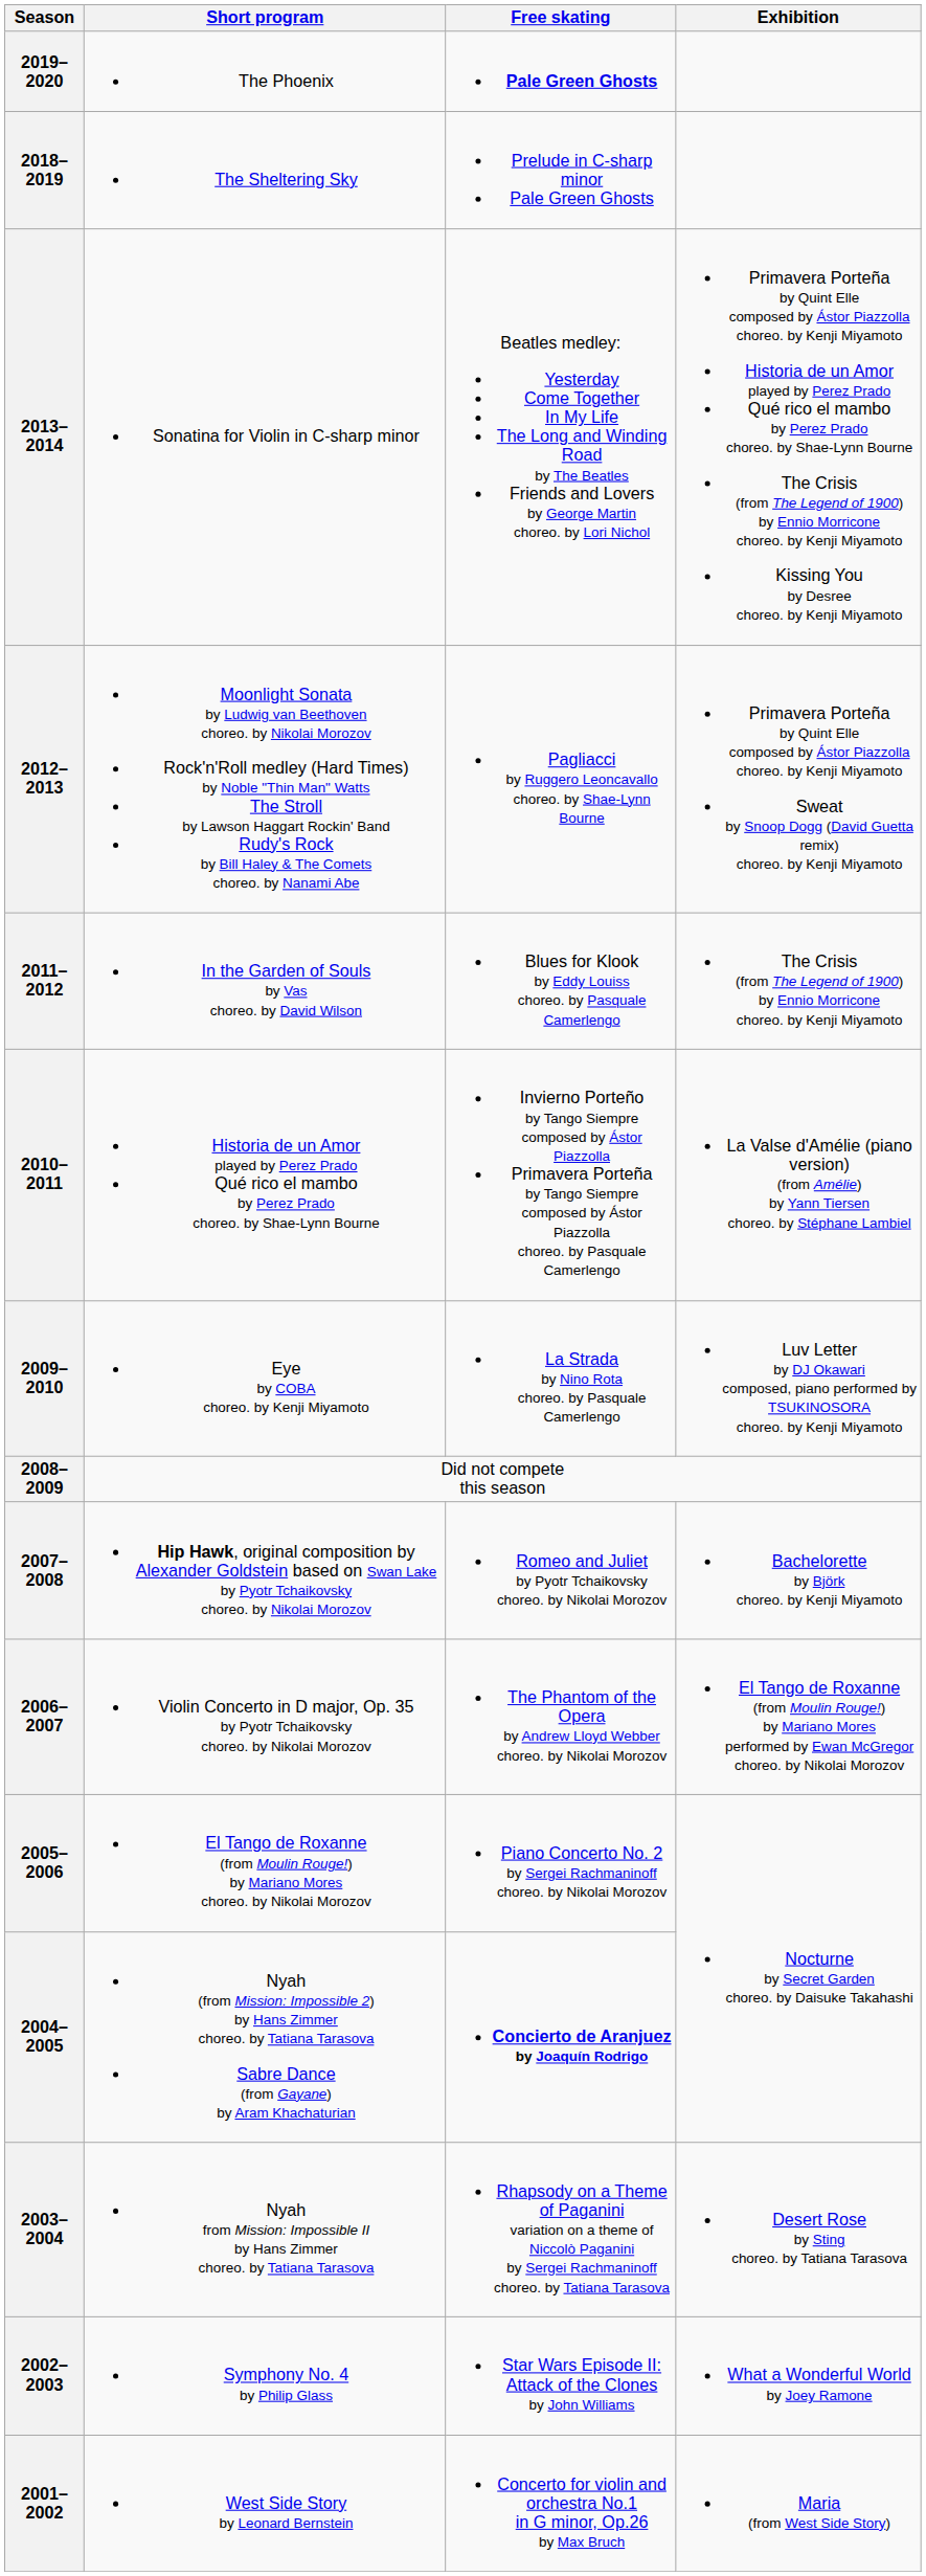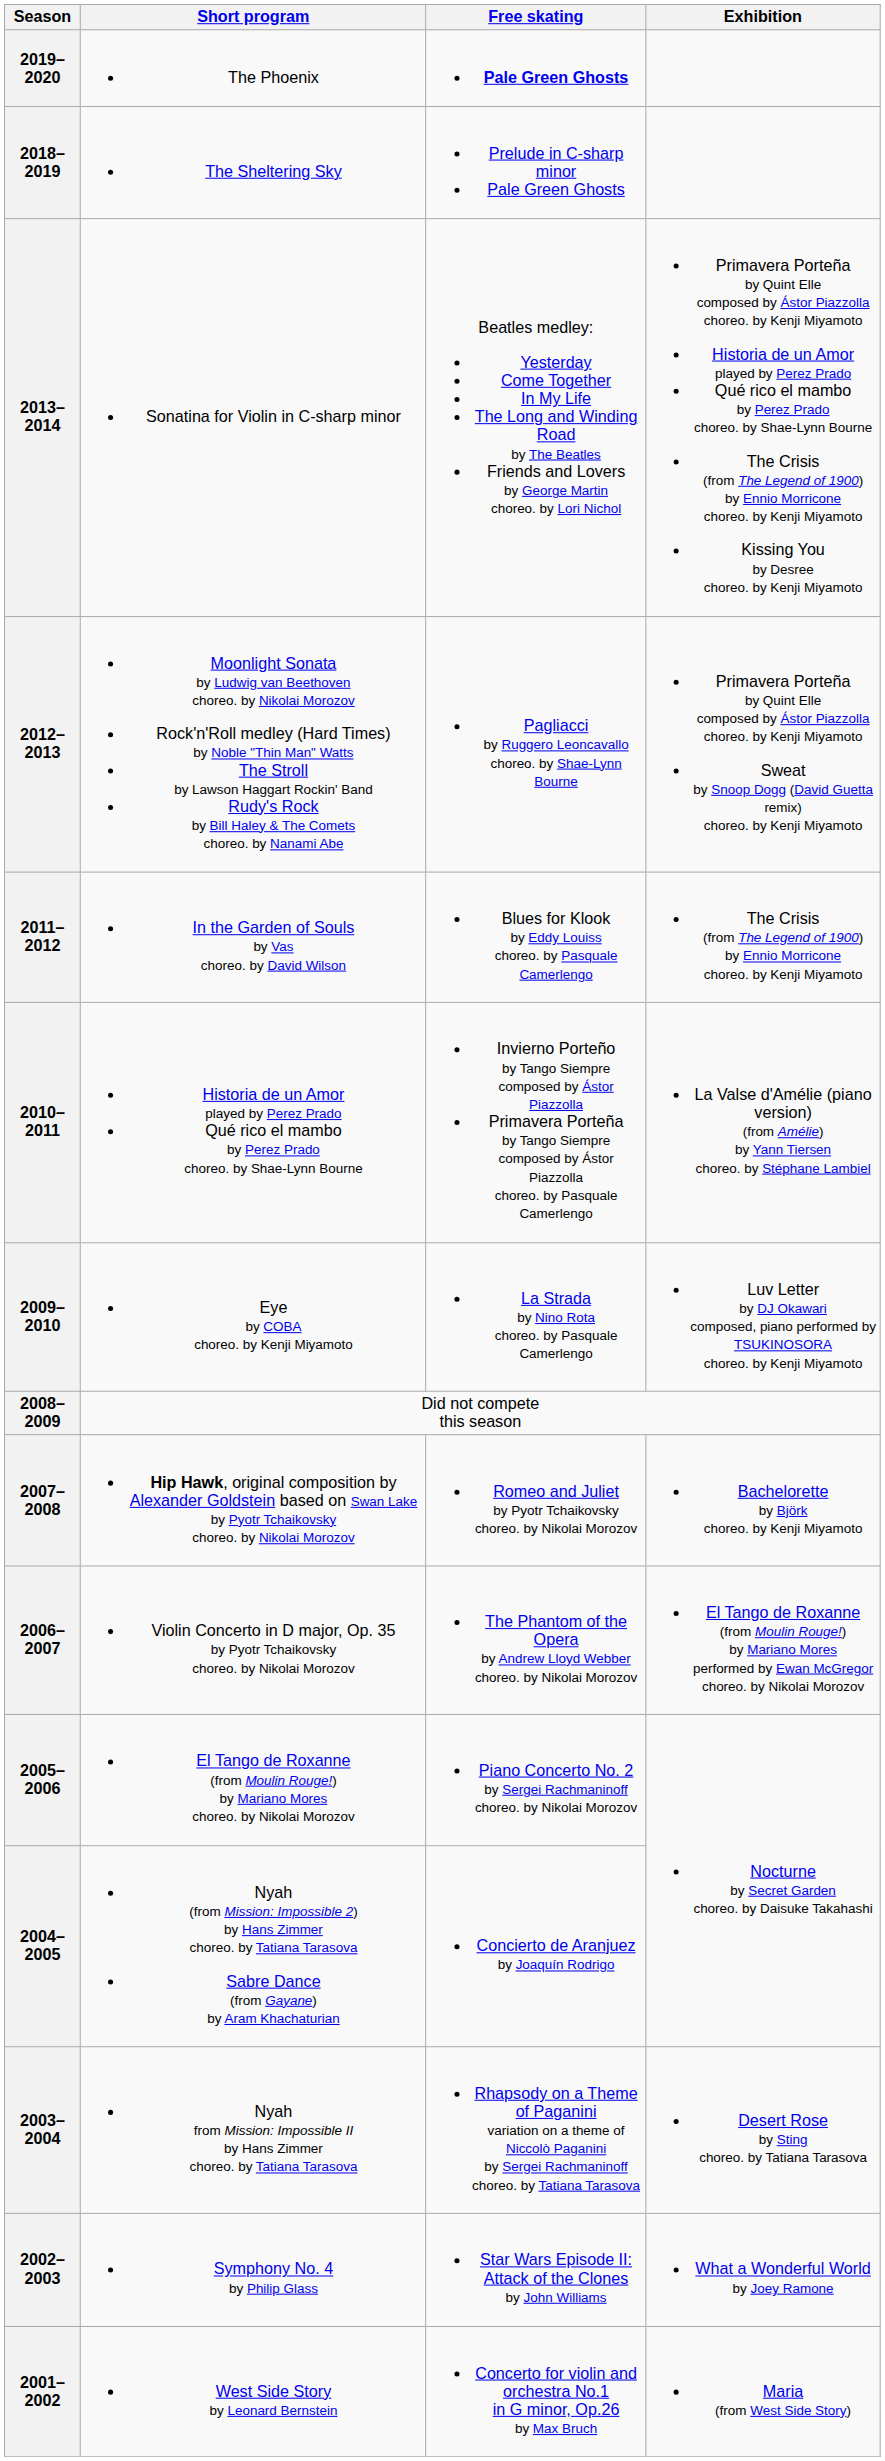 <table class="wikitable" style="text-align:center">
 <tr>
 <th>Season</th>
 <th><a href='#'>Short program</a></th>
 <th><a href='#'>Free skating</a></th>
 <th>Exhibition</th>
 </tr>
 <tr>
 <th>2019–2020<br></th>
 <td><br><ul><li>The Phoenix<br> </li></ul></td>
 <td><strong><br><ul><li><a href='#'>Pale Green Ghosts</a> <br> </li></ul></strong></td>
 <td></td>
 </tr>
 <tr>
 <th>2018–2019 <br> </th>
 <td><br><ul><li><a href='#'>The Sheltering Sky</a> <br> </li></ul></td>
 <td><br><ul><li><a href='#'>Prelude in C-sharp minor</a> <br> </li><li><a href='#'>Pale Green Ghosts</a> <br> </li></ul></td>
 <td></td>
 </tr>
 <tr>
 <th>2013–2014 <br> </th>
 <td><br><ul><li>Sonatina for Violin in C-sharp minor <br> <br> </li></ul></td>
 <td><br>Beatles medley:<ul><li><a href='#'>Yesterday</a></li><li><a href='#'>Come Together</a></li><li><a href='#'>In My Life</a></li><li><a href='#'>The Long and Winding Road</a> <br><small> by <a href='#'>The Beatles</a> </small></li><li>Friends and Lovers <br><small> by <a href='#'>George Martin</a> <br> choreo. by <a href='#'>Lori Nichol</a> </small></li></ul></td>
 <td><br><ul><li>Primavera Porteña <br><small> by Quint Elle <br> composed by <a href='#'>Ástor Piazzolla</a> <br> choreo. by Kenji Miyamoto </small></li></ul><ul><li><a href='#'>Historia de un Amor</a> <br><small> played by <a href='#'>Perez Prado</a> </small></li><li>Qué rico el mambo <br><small> by <a href='#'>Perez Prado</a> <br> choreo. by Shae-Lynn Bourne </small></li></ul><ul><li>The Crisis <br><small> (from <em><a href='#'>The Legend of 1900</a></em>) <br> by <a href='#'>Ennio Morricone</a> <br> choreo. by Kenji Miyamoto </small></li></ul><ul><li>Kissing You <br><small> by Desree <br> choreo. by Kenji Miyamoto </small></li></ul></td>
 </tr>
 <tr>
 <th>2012–2013 <br> </th>
 <td><br><ul><li><a href='#'>Moonlight Sonata</a> <br><small> by <a href='#'>Ludwig van Beethoven</a> <br> choreo. by <a href='#'>Nikolai Morozov</a></small></li></ul><ul><li>Rock'n'Roll medley (Hard Times) <br><small> by <a href='#'>Noble "Thin Man" Watts</a> </small></li><li><a href='#'>The Stroll</a> <br><small> by Lawson Haggart Rockin' Band </small></li><li><a href='#'>Rudy's Rock</a> <br><small> by <a href='#'>Bill Haley & The Comets</a> <br> choreo. by <a href='#'>Nanami Abe</a> </small></li></ul></td>
 <td><br><ul><li><a href='#'>Pagliacci</a> <br><small> by <a href='#'>Ruggero Leoncavallo</a> <br> choreo. by <a href='#'>Shae-Lynn Bourne</a> </small></li></ul></td>
 <td><br><ul><li>Primavera Porteña <br><small> by Quint Elle <br> composed by <a href='#'>Ástor Piazzolla</a> <br> choreo. by Kenji Miyamoto </small></li></ul><ul><li>Sweat <br><small> by <a href='#'>Snoop Dogg</a> (<a href='#'>David Guetta</a> remix) <br> choreo. by Kenji Miyamoto </small></li></ul></td>
 </tr>
 <tr>
 <th>2011–2012 <br> </th>
 <td><br><ul><li><a href='#'>In the Garden of Souls</a> <br><small> by <a href='#'>Vas</a> <br> choreo. by <a href='#'>David Wilson</a> </small></li></ul></td>
 <td><br><ul><li>Blues for Klook <br><small> by <a href='#'>Eddy Louiss</a> <br> choreo. by <a href='#'>Pasquale Camerlengo</a> </small></li></ul></td>
 <td><br><ul><li>The Crisis <br><small> (from <em><a href='#'>The Legend of 1900</a></em>) <br> by <a href='#'>Ennio Morricone</a> <br> choreo. by Kenji Miyamoto </small></li></ul></td>
 </tr>
 <tr>
 <th>2010–2011 <br> </th>
 <td><br><ul><li><a href='#'>Historia de un Amor</a> <br><small> played by <a href='#'>Perez Prado</a> </small></li><li>Qué rico el mambo <br><small> by <a href='#'>Perez Prado</a> <br> choreo. by Shae-Lynn Bourne </small></li></ul></td>
 <td><br><ul><li>Invierno Porteño <br><small> by Tango Siempre <br> composed by <a href='#'>Ástor Piazzolla</a> </small></li><li>Primavera Porteña <br><small> by Tango Siempre <br> composed by Ástor Piazzolla <br> choreo. by Pasquale Camerlengo </small></li></ul></td>
 <td><br><ul><li>La Valse d'Amélie (piano version) <br><small> (from <em><a href='#'>Amélie</a></em>) <br> by <a href='#'>Yann Tiersen</a> <br> choreo. by <a href='#'>Stéphane Lambiel</a> </small></li></ul></td>
 </tr>
 <tr>
 <th>2009–2010 <br> </th>
 <td><br><ul><li>Eye <br><small> by <a href='#'>COBA</a> <br> choreo. by Kenji Miyamoto </small></li></ul></td>
 <td><br><ul><li><a href='#'>La Strada</a><br><small> by <a href='#'>Nino Rota</a> <br> choreo. by Pasquale Camerlengo </small></li></ul></td>
 <td><br><ul><li>Luv Letter <br><small>by <a href='#'>DJ Okawari</a> <br> composed, piano performed by <a href='#'>TSUKINOSORA</a> <br> choreo. by Kenji Miyamoto </small></li></ul></td>
 </tr>
 <tr>
 <th>2008–2009</th>
 <td colspan=3>Did not compete <br> this season</td>
 </tr>
 <tr>
 <th>2007–2008 <br> </th>
 <td><br><ul><li><strong>Hip Hawk</strong>, original composition by <a href='#'>Alexander Goldstein</a> based on <small><a href='#'>Swan Lake</a> <br> by <a href='#'>Pyotr Tchaikovsky</a> <br> choreo. by <a href='#'>Nikolai Morozov</a> </small></li></ul></td>
 <td><br><ul><li><a href='#'>Romeo and Juliet</a> <br><small> by Pyotr Tchaikovsky <br> choreo. by Nikolai Morozov </small></li></ul></td>
 <td><br><ul><li><a href='#'>Bachelorette</a> <br><small>by <a href='#'>Björk</a> <br> choreo. by Kenji Miyamoto </small></li></ul></td>
 </tr>
 <tr>
 <th>2006–2007 <br> </th>
 <td><br><ul><li>Violin Concerto in D major, Op. 35 <br><small> by Pyotr Tchaikovsky <br> choreo. by Nikolai Morozov </small></li></ul></td>
 <td><br><ul><li><a href='#'>The Phantom of the Opera</a> <br><small> by <a href='#'>Andrew Lloyd Webber</a> <br> choreo. by Nikolai Morozov  </small></li></ul></td>
 <td><br><ul><li><a href='#'>El Tango de Roxanne</a> <br><small> (from <em><a href='#'>Moulin Rouge!</a></em>) <br> by <a href='#'>Mariano Mores</a> <br> performed by <a href='#'>Ewan McGregor</a> <br> choreo. by Nikolai Morozov </small></li></ul></td>
 </tr>
 <tr>
 <th>2005–2006 <br> </th>
 <td><br><ul><li><a href='#'>El Tango de Roxanne</a> <br><small> (from <em><a href='#'>Moulin Rouge!</a></em>) <br> by <a href='#'>Mariano Mores</a> <br> choreo. by Nikolai Morozov </small></li></ul></td>
 <td><br><ul><li><a href='#'>Piano Concerto No. 2</a> <br><small> by <a href='#'>Sergei Rachmaninoff</a> <br> choreo. by Nikolai Morozov </small></li></ul></td>
 <td rowspan=2><br><ul><li><a href='#'>Nocturne</a> <br><small> by <a href='#'>Secret Garden</a> <br>choreo. by Daisuke Takahashi </small></li></ul></td>
 </tr>
 <tr>
 <th>2004–2005 <br> </th>
 <td><br><ul><li>Nyah <br><small> (from <em><a href='#'>Mission: Impossible 2</a></em>) <br> by <a href='#'>Hans Zimmer</a> <br> choreo. by <a href='#'>Tatiana Tarasova</a> </small></li></ul><ul><li><a href='#'>Sabre Dance</a><br><small> (from <em><a href='#'>Gayane</a></em>)</small> <br><small> by <a href='#'>Aram Khachaturian</a> </small></li></ul></td>
-<td><strong><br><ul><li><a href='#'>Concierto de Aranjuez</a> <br><small> by <a href='#'>Joaquín Rodrigo</a> </small></li></ul></strong></td>
+<td><br><ul><li><a href='#'>Concierto de Aranjuez</a> <br><small> by <a href='#'>Joaquín Rodrigo</a> </small></li></ul></td>
 </tr>
 <tr>
 <th>2003–2004 <br> </th>
 <td><br><ul><li>Nyah <br><small> from <em>Mission: Impossible II</em> <br> by Hans Zimmer <br> choreo. by <a href='#'>Tatiana Tarasova</a> </small></li></ul></td>
 <td><br><ul><li><a href='#'>Rhapsody on a Theme of Paganini</a> <br><small> variation on a theme of <a href='#'>Niccolò Paganini</a> <br> by <a href='#'>Sergei Rachmaninoff</a> <br> choreo. by <a href='#'>Tatiana Tarasova</a> </small></li></ul></td>
 <td><br><ul><li><a href='#'>Desert Rose</a> <br><small> by <a href='#'>Sting</a> <br> choreo. by Tatiana Tarasova </small></li></ul></td>
 </tr>
 <tr>
 <th>2002–2003 <br> </th>
 <td><br><ul><li><a href='#'>Symphony No. 4</a> <br><small> by <a href='#'>Philip Glass</a> </small></li></ul></td>
 <td><br><ul><li><a href='#'>Star Wars Episode II:<br>Attack of the Clones</a> <br><small> by <a href='#'>John Williams</a> </small></li></ul></td>
 <td><br><ul><li><a href='#'>What a Wonderful World</a> <br><small> by <a href='#'>Joey Ramone</a> </small></li></ul></td>
 </tr>
 <tr>
 <th>2001–2002 <br> </th>
 <td><br><ul><li><a href='#'>West Side Story</a> <br><small> by <a href='#'>Leonard Bernstein</a> </small></li></ul></td>
 <td><br><ul><li><a href='#'>Concerto for violin and orchestra No.1 <br>in G minor, Op.26</a> <br><small> by <a href='#'>Max Bruch</a> </small></li></ul></td>
 <td><br><ul><li><a href='#'>Maria</a> <br><small> (from <a href='#'>West Side Story</a>) </small></li></ul></td>
 </tr>
 </table>
